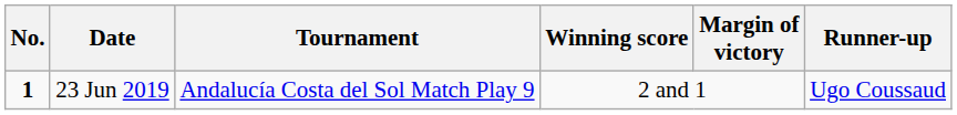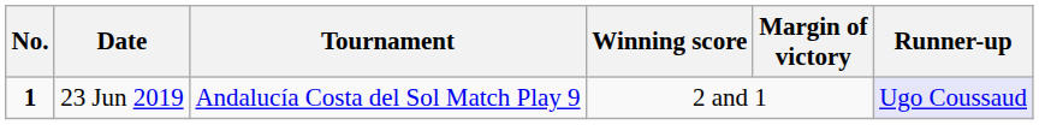 <table class="wikitable" style="font-size:95%;">
 <tr>
 <th>No.</th>
 <th>Date</th>
 <th>Tournament</th>
 <th>Winning score</th>
 <th>Margin of<br>victory</th>
 <th>Runner-up</th>
 </tr>
 <tr>
 <td align=center><strong>1</strong></td>
 <td align=right>23 Jun <a href='#'>2019</a></td>
 <td><a href='#'>Andalucía Costa del Sol Match Play 9</a></td>
 <td colspan=2 align=center>2 and 1</td>
-<td> <a href='#'>Ugo Coussaud</a></td>
+<td style="background: lavender;"> <a href='#'>Ugo Coussaud</a></td>
 </tr>
 </table>
